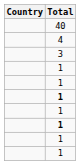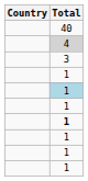 <table class="wikitable sortable">
 <tr>
 <th>Country</th>
 <th>Total</th>
 </tr>
 <tr>
 <td></td>
 <td style="text-align:center;">40</td>
 </tr>
 <tr>
 <td></td>
-<td style="text-align:center;">4</td>
+<td style="background: lightgrey; text-align:center;">4</td>
 </tr>
 <tr>
 <td></td>
 <td style="text-align:center;">3</td>
 </tr>
 <tr>
 <td></td>
 <td style="text-align:center;">1</td>
 </tr>
 <tr>
 <td></td>
-<td style="text-align:center;">1</td>
-</tr>
-<tr>
-<td></td>
-<td style="text-align:center;"><strong>1</strong></td>
+<td style="background: lightblue; text-align:center;">1</td>
 </tr>
 <tr>
 <td></td>
 <td style="text-align:center;">1</td>
 </tr>
 <tr>
 <td></td>
 <td style="text-align:center;"><strong>1</strong></td>
 </tr>
 <tr>
 <td></td>
 <td style="text-align:center;">1</td>
 </tr>
 <tr>
 <td></td>
 <td style="text-align:center;">1</td>
 </tr>
+<tr>
+<td></td>
+<td style="text-align:center;">1</td>
+</tr>
 </table>
